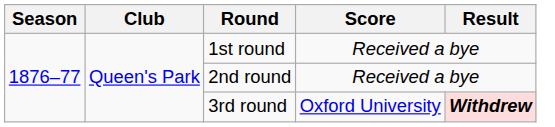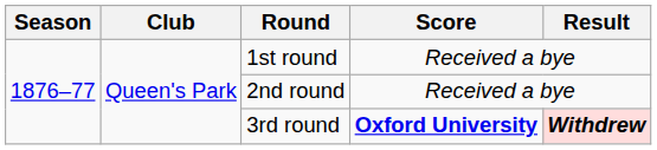 <table class=wikitable style="text-align:left">
 <tr>
 <th>Season</th>
 <th>Club</th>
 <th>Round</th>
 <th>Score</th>
 <th>Result</th>
 </tr>
 <tr>
 <td align=center rowspan=7><a href='#'>1876–77</a></td>
 <td rowspan = "3"><a href='#'>Queen's Park</a></td>
 <td>1st round</td>
 <td align=center colspan = "2"><em>Received a bye</em></td>
 </tr>
 <tr>
 <td>2nd round</td>
 <td align=center  colspan = "2"><em>Received a bye</em></td>
 </tr>
 <tr>
 <td>3rd round</td>
-<td> <a href='#'>Oxford University</a></td>
+<td><strong> <a href='#'>Oxford University</a></strong></td>
 <td align=center  bgcolor=#ffdddd><strong><em>Withdrew</em></strong></td>
 </tr>
 </table>
